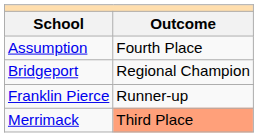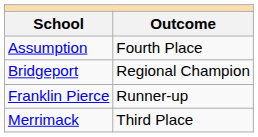 <table class="wikitable" style="float:left; margin-right:1em;">
 <tr>
 <th colspan="3" style="background:#ffdead;"></th>
 </tr>
 <tr>
 <th>School</th>
 <th>Outcome</th>
 </tr>
 <tr>
 <td><a href='#'>Assumption</a></td>
 <td>Fourth Place</td>
 </tr>
 <tr>
 <td><a href='#'>Bridgeport</a></td>
 <td>Regional Champion</td>
 </tr>
 <tr>
 <td><a href='#'>Franklin Pierce</a></td>
 <td>Runner-up</td>
 </tr>
 <tr>
 <td><a href='#'>Merrimack</a></td>
-<td style="background: lightsalmon;">Third Place</td>
+<td>Third Place</td>
 </tr>
 </table>
